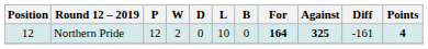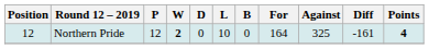 <table class="wikitable" style="text-align:center; font-size:85%;">
 <tr style="background: #d7ebed;">
 <th width="40" abbr="Position">Position</th>
 <th width="100">Round 12 – 2019</th>
 <th width="20" abbr="Played">P</th>
 <th width="20" abbr="Won">W</th>
 <th width="20" abbr="Drawn">D</th>
 <th width="20" abbr="Lost">L</th>
 <th width="20" abbr="Bye">B</th>
 <th width="40" abbr="Points for">For</th>
 <th width="40" abbr="Points against">Against</th>
 <th width="40" abbr="Points difference">Diff</th>
 <th width="40" abbr="Points">Points</th>
 </tr>
 <tr style="background: #d7ebed;">
 <td>12</td>
 <td style="text-align:left;"> Northern Pride</td>
 <td>12</td>
-<td>2</td>
+<td><strong>2</strong></td>
 <td>0</td>
 <td>10</td>
 <td>0</td>
-<td><strong>164</strong></td>
-<td><strong>325</strong></td>
+<td>164</td>
+<td>325</td>
 <td>-161</td>
 <td><strong>4</strong></td>
 </tr>
 <tr>
 </tr>
 </table>
